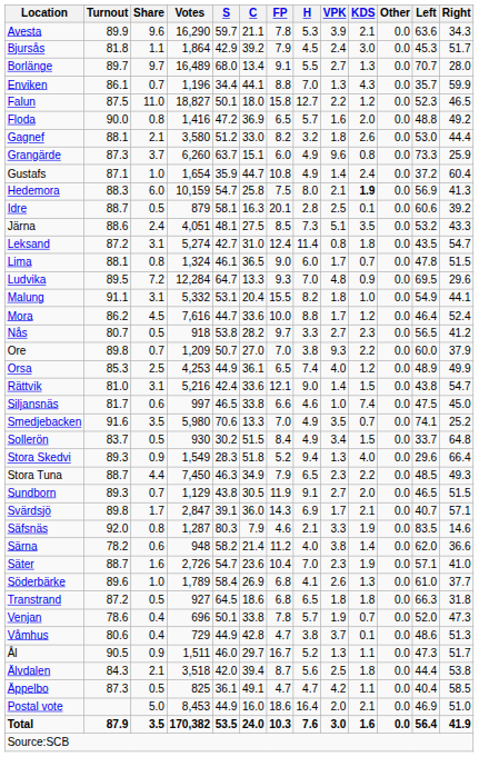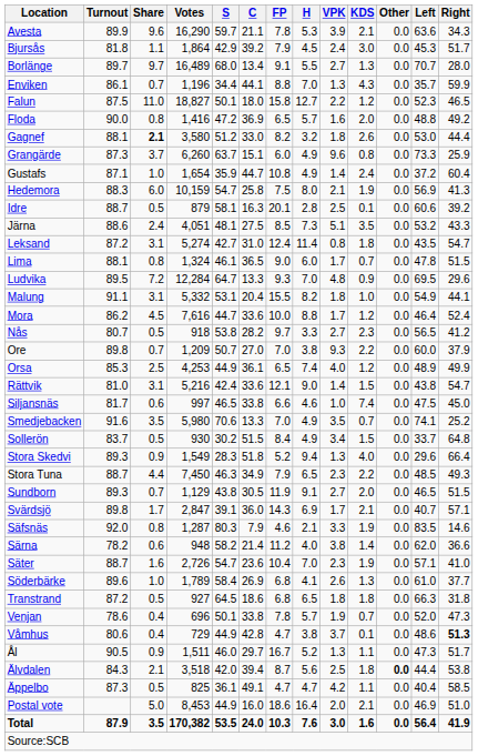 <table class="wikitable sortable" style=text-align:right>
 <tr>
 <th>Location</th>
 <th>Turnout</th>
 <th>Share</th>
 <th>Votes</th>
 <th><a href='#'>S</a></th>
 <th><a href='#'>C</a></th>
 <th><a href='#'>FP</a></th>
 <th><a href='#'>H</a></th>
 <th><a href='#'>VPK</a></th>
 <th><a href='#'>KDS</a></th>
 <th>Other</th>
 <th>Left</th>
 <th>Right</th>
 </tr>
 <tr>
 <td align=left><a href='#'>Avesta</a></td>
 <td>89.9</td>
 <td>9.6</td>
 <td>16,290</td>
 <td>59.7</td>
 <td>21.1</td>
 <td>7.8</td>
 <td>5.3</td>
 <td>3.9</td>
 <td>2.1</td>
 <td>0.0</td>
 <td>63.6</td>
 <td>34.3</td>
 </tr>
 <tr>
 <td align=left><a href='#'>Bjursås</a></td>
 <td>81.8</td>
 <td>1.1</td>
 <td>1,864</td>
 <td>42.9</td>
 <td>39.2</td>
 <td>7.9</td>
 <td>4.5</td>
 <td>2.4</td>
 <td>3.0</td>
 <td>0.0</td>
 <td>45.3</td>
 <td>51.7</td>
 </tr>
 <tr>
 <td align=left><a href='#'>Borlänge</a></td>
 <td>89.7</td>
 <td>9.7</td>
 <td>16,489</td>
 <td>68.0</td>
 <td>13.4</td>
 <td>9.1</td>
 <td>5.5</td>
 <td>2.7</td>
 <td>1.3</td>
 <td>0.0</td>
 <td>70.7</td>
 <td>28.0</td>
 </tr>
 <tr>
 <td align=left><a href='#'>Enviken</a></td>
 <td>86.1</td>
 <td>0.7</td>
 <td>1,196</td>
 <td>34.4</td>
 <td>44.1</td>
 <td>8.8</td>
 <td>7.0</td>
 <td>1.3</td>
 <td>4.3</td>
 <td>0.0</td>
 <td>35.7</td>
 <td>59.9</td>
 </tr>
 <tr>
 <td align=left><a href='#'>Falun</a></td>
 <td>87.5</td>
 <td>11.0</td>
 <td>18,827</td>
 <td>50.1</td>
 <td>18.0</td>
 <td>15.8</td>
 <td>12.7</td>
 <td>2.2</td>
 <td>1.2</td>
 <td>0.0</td>
 <td>52.3</td>
 <td>46.5</td>
 </tr>
 <tr>
 <td align=left><a href='#'>Floda</a></td>
 <td>90.0</td>
 <td>0.8</td>
 <td>1,416</td>
 <td>47.2</td>
 <td>36.9</td>
 <td>6.5</td>
 <td>5.7</td>
 <td>1.6</td>
 <td>2.0</td>
 <td>0.0</td>
 <td>48.8</td>
 <td>49.2</td>
 </tr>
 <tr>
 <td align=left><a href='#'>Gagnef</a></td>
 <td>88.1</td>
-<td>2.1</td>
+<td><strong>2.1</strong></td>
 <td>3,580</td>
 <td>51.2</td>
 <td>33.0</td>
 <td>8.2</td>
 <td>3.2</td>
 <td>1.8</td>
 <td>2.6</td>
 <td>0.0</td>
 <td>53.0</td>
 <td>44.4</td>
 </tr>
 <tr>
 <td align=left><a href='#'>Grangärde</a></td>
 <td>87.3</td>
 <td>3.7</td>
 <td>6,260</td>
 <td>63.7</td>
 <td>15.1</td>
 <td>6.0</td>
 <td>4.9</td>
 <td>9.6</td>
 <td>0.8</td>
 <td>0.0</td>
 <td>73.3</td>
 <td>25.9</td>
 </tr>
 <tr>
 <td align=left>Gustafs</td>
 <td>87.1</td>
 <td>1.0</td>
 <td>1,654</td>
 <td>35.9</td>
 <td>44.7</td>
 <td>10.8</td>
 <td>4.9</td>
 <td>1.4</td>
 <td>2.4</td>
 <td>0.0</td>
 <td>37.2</td>
 <td>60.4</td>
 </tr>
 <tr>
 <td align=left><a href='#'>Hedemora</a></td>
 <td>88.3</td>
 <td>6.0</td>
 <td>10,159</td>
 <td>54.7</td>
 <td>25.8</td>
 <td>7.5</td>
 <td>8.0</td>
 <td>2.1</td>
-<td><strong>1.9</strong></td>
+<td>1.9</td>
 <td>0.0</td>
 <td>56.9</td>
 <td>41.3</td>
 </tr>
 <tr>
 <td align=left><a href='#'>Idre</a></td>
 <td>88.7</td>
 <td>0.5</td>
 <td>879</td>
 <td>58.1</td>
 <td>16.3</td>
 <td>20.1</td>
 <td>2.8</td>
 <td>2.5</td>
 <td>0.1</td>
 <td>0.0</td>
 <td>60.6</td>
 <td>39.2</td>
 </tr>
 <tr>
 <td align=left>Järna</td>
 <td>88.6</td>
 <td>2.4</td>
 <td>4,051</td>
 <td>48.1</td>
 <td>27.5</td>
 <td>8.5</td>
 <td>7.3</td>
 <td>5.1</td>
 <td>3.5</td>
 <td>0.0</td>
 <td>53.2</td>
 <td>43.3</td>
 </tr>
 <tr>
 <td align=left><a href='#'>Leksand</a></td>
 <td>87.2</td>
 <td>3.1</td>
 <td>5,274</td>
 <td>42.7</td>
 <td>31.0</td>
 <td>12.4</td>
 <td>11.4</td>
 <td>0.8</td>
 <td>1.8</td>
 <td>0.0</td>
 <td>43.5</td>
 <td>54.7</td>
 </tr>
 <tr>
 <td align=left><a href='#'>Lima</a></td>
 <td>88.1</td>
 <td>0.8</td>
 <td>1,324</td>
 <td>46.1</td>
 <td>36.5</td>
 <td>9.0</td>
 <td>6.0</td>
 <td>1.7</td>
 <td>0.7</td>
 <td>0.0</td>
 <td>47.8</td>
 <td>51.5</td>
 </tr>
 <tr>
 <td align=left><a href='#'>Ludvika</a></td>
 <td>89.5</td>
 <td>7.2</td>
 <td>12,284</td>
 <td>64.7</td>
 <td>13.3</td>
 <td>9.3</td>
 <td>7.0</td>
 <td>4.8</td>
 <td>0.9</td>
 <td>0.0</td>
 <td>69.5</td>
 <td>29.6</td>
 </tr>
 <tr>
 <td align=left><a href='#'>Malung</a></td>
 <td>91.1</td>
 <td>3.1</td>
 <td>5,332</td>
 <td>53.1</td>
 <td>20.4</td>
 <td>15.5</td>
 <td>8.2</td>
 <td>1.8</td>
 <td>1.0</td>
 <td>0.0</td>
 <td>54.9</td>
 <td>44.1</td>
 </tr>
 <tr>
 <td align=left><a href='#'>Mora</a></td>
 <td>86.2</td>
 <td>4.5</td>
 <td>7,616</td>
 <td>44.7</td>
 <td>33.6</td>
 <td>10.0</td>
 <td>8.8</td>
 <td>1.7</td>
 <td>1.2</td>
 <td>0.0</td>
 <td>46.4</td>
 <td>52.4</td>
 </tr>
 <tr>
 <td align=left><a href='#'>Nås</a></td>
 <td>80.7</td>
 <td>0.5</td>
 <td>918</td>
 <td>53.8</td>
 <td>28.2</td>
 <td>9.7</td>
 <td>3.3</td>
 <td>2.7</td>
 <td>2.3</td>
 <td>0.0</td>
 <td>56.5</td>
 <td>41.2</td>
 </tr>
 <tr>
 <td align=left>Ore</td>
 <td>89.8</td>
 <td>0.7</td>
 <td>1,209</td>
 <td>50.7</td>
 <td>27.0</td>
 <td>7.0</td>
 <td>3.8</td>
 <td>9.3</td>
 <td>2.2</td>
 <td>0.0</td>
 <td>60.0</td>
 <td>37.9</td>
 </tr>
 <tr>
 <td align=left><a href='#'>Orsa</a></td>
 <td>85.3</td>
 <td>2.5</td>
 <td>4,253</td>
 <td>44.9</td>
 <td>36.1</td>
 <td>6.5</td>
 <td>7.4</td>
 <td>4.0</td>
 <td>1.2</td>
 <td>0.0</td>
 <td>48.9</td>
 <td>49.9</td>
 </tr>
 <tr>
 <td align=left><a href='#'>Rättvik</a></td>
 <td>81.0</td>
 <td>3.1</td>
 <td>5,216</td>
 <td>42.4</td>
 <td>33.6</td>
 <td>12.1</td>
 <td>9.0</td>
 <td>1.4</td>
 <td>1.5</td>
 <td>0.0</td>
 <td>43.8</td>
 <td>54.7</td>
 </tr>
 <tr>
 <td align=left><a href='#'>Siljansnäs</a></td>
 <td>81.7</td>
 <td>0.6</td>
 <td>997</td>
 <td>46.5</td>
 <td>33.8</td>
 <td>6.6</td>
 <td>4.6</td>
 <td>1.0</td>
 <td>7.4</td>
 <td>0.0</td>
 <td>47.5</td>
 <td>45.0</td>
 </tr>
 <tr>
 <td align=left><a href='#'>Smedjebacken</a></td>
 <td>91.6</td>
 <td>3.5</td>
 <td>5,980</td>
 <td>70.6</td>
 <td>13.3</td>
 <td>7.0</td>
 <td>4.9</td>
 <td>3.5</td>
 <td>0.7</td>
 <td>0.0</td>
 <td>74.1</td>
 <td>25.2</td>
 </tr>
 <tr>
 <td align=left><a href='#'>Sollerön</a></td>
 <td>83.7</td>
 <td>0.5</td>
 <td>930</td>
 <td>30.2</td>
 <td>51.5</td>
 <td>8.4</td>
 <td>4.9</td>
 <td>3.4</td>
 <td>1.5</td>
 <td>0.0</td>
 <td>33.7</td>
 <td>64.8</td>
 </tr>
 <tr>
 <td align=left><a href='#'>Stora Skedvi</a></td>
 <td>89.3</td>
 <td>0.9</td>
 <td>1,549</td>
 <td>28.3</td>
 <td>51.8</td>
 <td>5.2</td>
 <td>9.4</td>
 <td>1.3</td>
 <td>4.0</td>
 <td>0.0</td>
 <td>29.6</td>
 <td>66.4</td>
 </tr>
 <tr>
 <td align=left>Stora Tuna</td>
 <td>88.7</td>
 <td>4.4</td>
 <td>7,450</td>
 <td>46.3</td>
 <td>34.9</td>
 <td>7.9</td>
 <td>6.5</td>
 <td>2.3</td>
 <td>2.2</td>
 <td>0.0</td>
 <td>48.5</td>
 <td>49.3</td>
 </tr>
 <tr>
 <td align=left><a href='#'>Sundborn</a></td>
 <td>89.3</td>
 <td>0.7</td>
 <td>1,129</td>
 <td>43.8</td>
 <td>30.5</td>
 <td>11.9</td>
 <td>9.1</td>
 <td>2.7</td>
 <td>2.0</td>
 <td>0.0</td>
 <td>46.5</td>
 <td>51.5</td>
 </tr>
 <tr>
 <td align=left><a href='#'>Svärdsjö</a></td>
 <td>89.8</td>
 <td>1.7</td>
 <td>2,847</td>
 <td>39.1</td>
 <td>36.0</td>
 <td>14.3</td>
 <td>6.9</td>
 <td>1.7</td>
 <td>2.1</td>
 <td>0.0</td>
 <td>40.7</td>
 <td>57.1</td>
 </tr>
 <tr>
 <td align=left><a href='#'>Säfsnäs</a></td>
 <td>92.0</td>
 <td>0.8</td>
 <td>1,287</td>
 <td>80.3</td>
 <td>7.9</td>
 <td>4.6</td>
 <td>2.1</td>
 <td>3.3</td>
 <td>1.9</td>
 <td>0.0</td>
 <td>83.5</td>
 <td>14.6</td>
 </tr>
 <tr>
 <td align=left><a href='#'>Särna</a></td>
 <td>78.2</td>
 <td>0.6</td>
 <td>948</td>
 <td>58.2</td>
 <td>21.4</td>
 <td>11.2</td>
 <td>4.0</td>
 <td>3.8</td>
 <td>1.4</td>
 <td>0.0</td>
 <td>62.0</td>
 <td>36.6</td>
 </tr>
 <tr>
 <td align=left><a href='#'>Säter</a></td>
 <td>88.7</td>
 <td>1.6</td>
 <td>2,726</td>
 <td>54.7</td>
 <td>23.6</td>
 <td>10.4</td>
 <td>7.0</td>
 <td>2.3</td>
 <td>1.9</td>
 <td>0.0</td>
 <td>57.1</td>
 <td>41.0</td>
 </tr>
 <tr>
 <td align=left><a href='#'>Söderbärke</a></td>
 <td>89.6</td>
 <td>1.0</td>
 <td>1,789</td>
 <td>58.4</td>
 <td>26.9</td>
 <td>6.8</td>
 <td>4.1</td>
 <td>2.6</td>
 <td>1.3</td>
 <td>0.0</td>
 <td>61.0</td>
 <td>37.7</td>
 </tr>
 <tr>
 <td align=left><a href='#'>Transtrand</a></td>
 <td>87.2</td>
 <td>0.5</td>
 <td>927</td>
 <td>64.5</td>
 <td>18.6</td>
 <td>6.8</td>
 <td>6.5</td>
 <td>1.8</td>
 <td>1.8</td>
 <td>0.0</td>
 <td>66.3</td>
 <td>31.8</td>
 </tr>
 <tr>
 <td align=left><a href='#'>Venjan</a></td>
 <td>78.6</td>
 <td>0.4</td>
 <td>696</td>
 <td>50.1</td>
 <td>33.8</td>
 <td>7.8</td>
 <td>5.7</td>
 <td>1.9</td>
 <td>0.7</td>
 <td>0.0</td>
 <td>52.0</td>
 <td>47.3</td>
 </tr>
 <tr>
 <td align=left><a href='#'>Våmhus</a></td>
 <td>80.6</td>
 <td>0.4</td>
 <td>729</td>
 <td>44.9</td>
 <td>42.8</td>
 <td>4.7</td>
 <td>3.8</td>
 <td>3.7</td>
 <td>0.1</td>
 <td>0.0</td>
 <td>48.6</td>
-<td>51.3</td>
+<td><strong>51.3</strong></td>
 </tr>
 <tr>
 <td align=left>Ål</td>
 <td>90.5</td>
 <td>0.9</td>
 <td>1,511</td>
 <td>46.0</td>
 <td>29.7</td>
 <td>16.7</td>
 <td>5.2</td>
 <td>1.3</td>
 <td>1.1</td>
 <td>0.0</td>
 <td>47.3</td>
 <td>51.7</td>
 </tr>
 <tr>
 <td align=left><a href='#'>Älvdalen</a></td>
 <td>84.3</td>
 <td>2.1</td>
 <td>3,518</td>
 <td>42.0</td>
 <td>39.4</td>
 <td>8.7</td>
 <td>5.6</td>
 <td>2.5</td>
 <td>1.8</td>
-<td>0.0</td>
+<td><strong>0.0</strong></td>
 <td>44.4</td>
 <td>53.8</td>
 </tr>
 <tr>
 <td align=left><a href='#'>Äppelbo</a></td>
 <td>87.3</td>
 <td>0.5</td>
 <td>825</td>
 <td>36.1</td>
 <td>49.1</td>
 <td>4.7</td>
 <td>4.7</td>
 <td>4.2</td>
 <td>1.1</td>
 <td>0.0</td>
 <td>40.4</td>
 <td>58.5</td>
 </tr>
 <tr>
 <td align=left><a href='#'>Postal vote</a></td>
 <td></td>
 <td>5.0</td>
 <td>8,453</td>
 <td>44.9</td>
 <td>16.0</td>
 <td>18.6</td>
 <td>16.4</td>
 <td>2.0</td>
 <td>2.1</td>
 <td>0.0</td>
 <td>46.9</td>
 <td>51.0</td>
 </tr>
 <tr>
 <td align=left><strong>Total</strong></td>
 <td><strong>87.9</strong></td>
 <td><strong>3.5</strong></td>
 <td><strong>170,382</strong></td>
 <td><strong>53.5</strong></td>
 <td><strong>24.0</strong></td>
 <td><strong>10.3</strong></td>
 <td><strong>7.6</strong></td>
 <td><strong>3.0</strong></td>
 <td><strong>1.6</strong></td>
 <td><strong>0.0</strong></td>
 <td><strong>56.4</strong></td>
 <td><strong>41.9</strong></td>
 </tr>
 <tr>
 <td align=left colspan=13>Source:SCB </td>
 </tr>
 </table>
